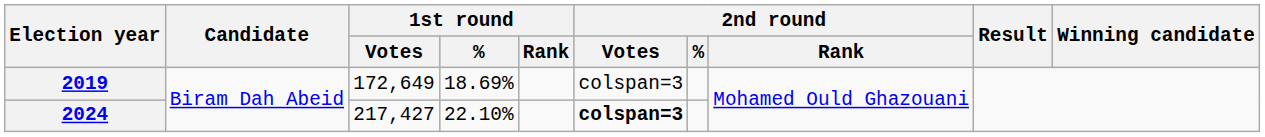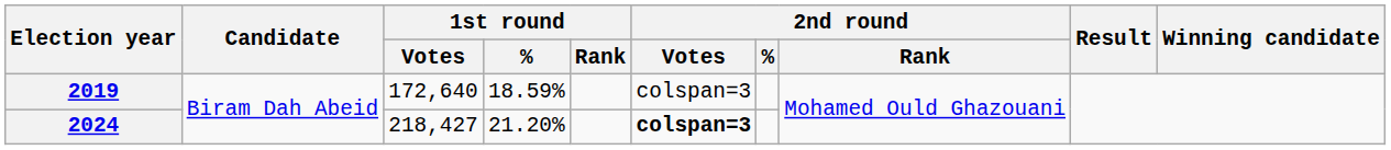 <table class="wikitable" style="text-align:center;">
 <tr>
 <th rowspan=2>Election year</th>
 <th rowspan=2>Candidate</th>
 <th colspan=3>1st round</th>
 <th colspan=3>2nd round</th>
 <th rowspan=2>Result</th>
 <th rowspan=2>Winning candidate</th>
 </tr>
 <tr>
 <th>Votes</th>
 <th>%</th>
 <th>Rank</th>
 <th>Votes</th>
 <th>%</th>
 <th>Rank</th>
 </tr>
 <tr>
 <th><a href='#'>2019</a></th>
 <td rowspan="2"><a href='#'>Biram Dah Abeid</a></td>
-<td>172,649</td>
-<td>18.69%</td>
+<td>172,640</td>
+<td>18.59%</td>
 <td></td>
 <td>colspan=3 </td>
 <td></td>
 <td rowspan=2><a href='#'>Mohamed Ould Ghazouani</a></td>
 </tr>
 <tr>
 <th><a href='#'>2024</a></th>
-<td>217,427</td>
-<td>22.10%</td>
+<td>218,427</td>
+<td>21.20%</td>
 <td></td>
 <td><strong>colspan=3 </strong></td>
 <td></td>
 </tr>
 </table>
